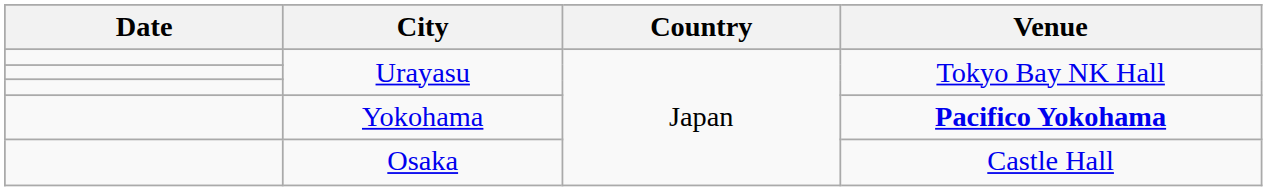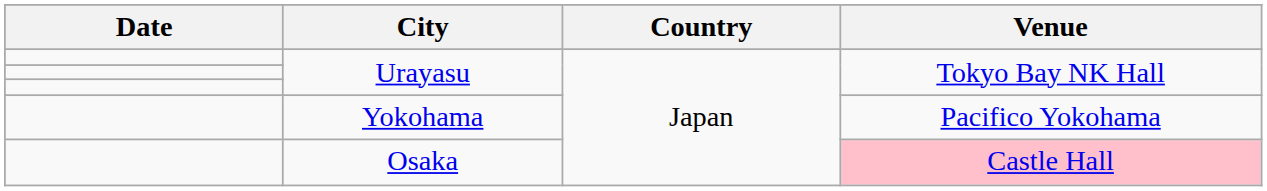 <table class="wikitable" style="text-align:center;">
 <tr>
 <th style="width:150px;">Date</th>
 <th style="width:150px;">City</th>
 <th style="width:150px;">Country</th>
 <th style="width:230px;">Venue</th>
 </tr>
 <tr>
 <td></td>
 <td rowspan="3"><a href='#'>Urayasu</a></td>
 <td rowspan="5">Japan</td>
 <td rowspan="3"><a href='#'>Tokyo Bay NK Hall</a></td>
 </tr>
 <tr>
 <td></td>
 </tr>
 <tr>
 <td></td>
 </tr>
 <tr>
 <td></td>
 <td><a href='#'>Yokohama</a></td>
-<td><strong><a href='#'>Pacifico Yokohama</a></strong></td>
+<td><a href='#'>Pacifico Yokohama</a></td>
 </tr>
 <tr>
 <td></td>
 <td><a href='#'>Osaka</a></td>
-<td><a href='#'>Castle Hall</a></td>
+<td style="background: pink;"><a href='#'>Castle Hall</a></td>
 </tr>
 </table>
